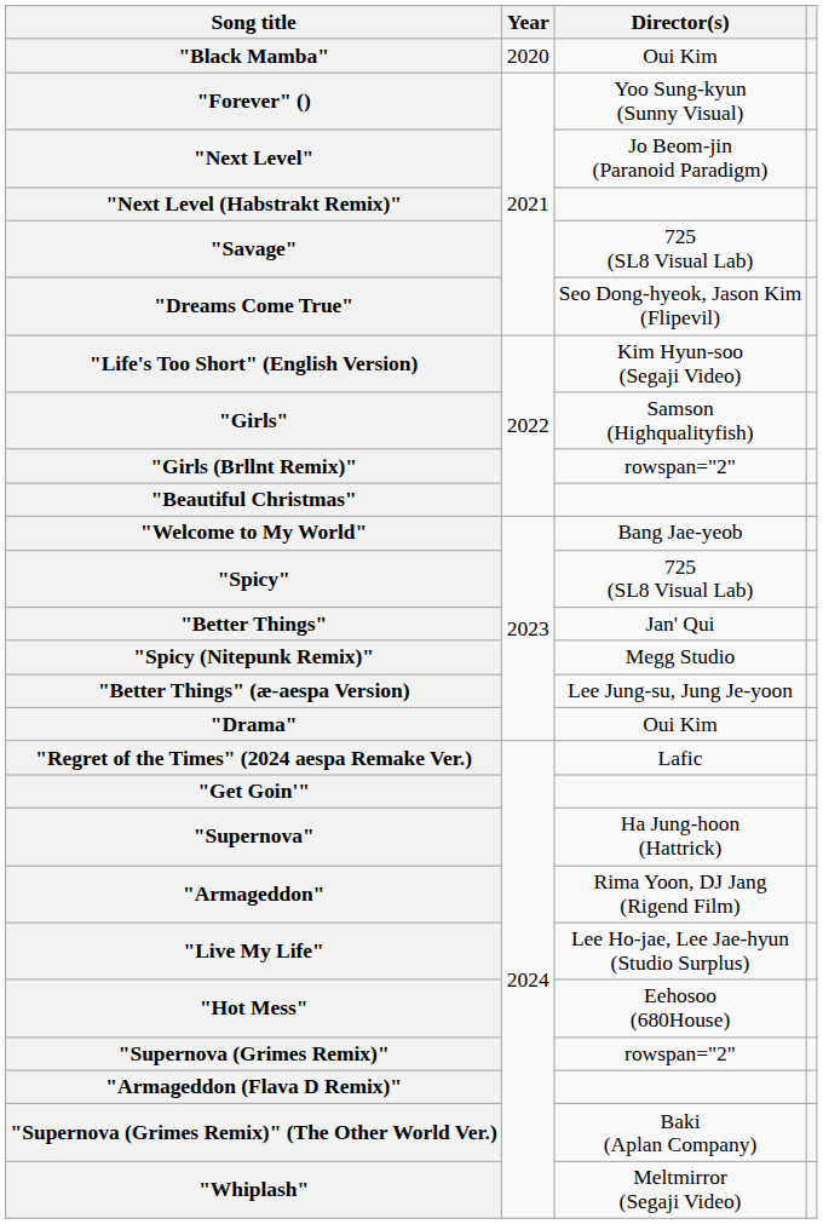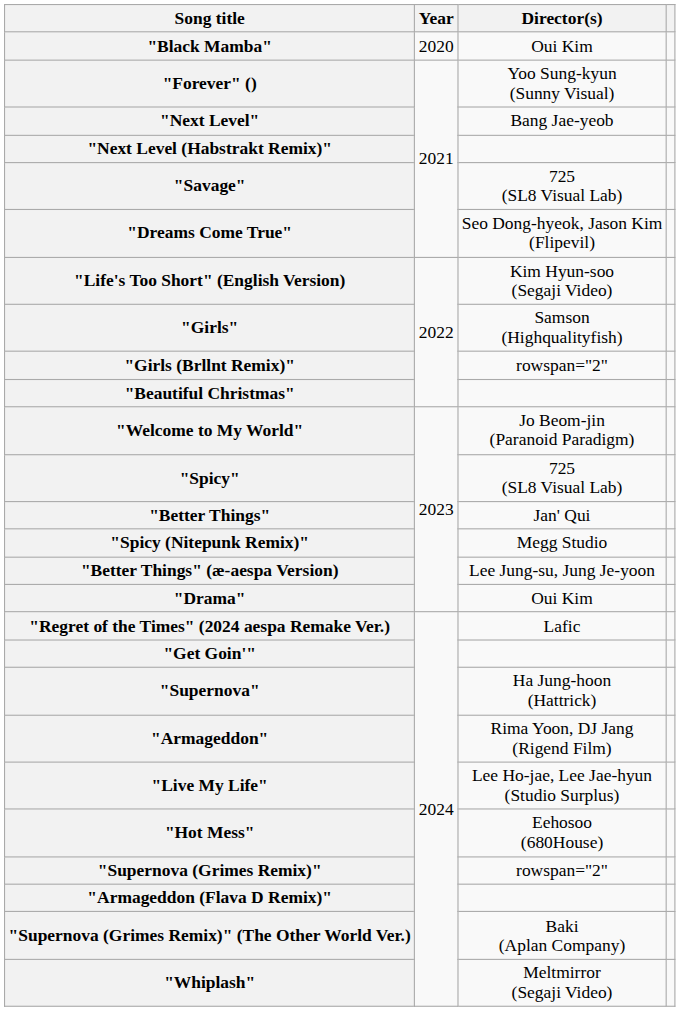 <table class="wikitable plainrowheaders" style="text-align:center">
 <tr>
 <th scope="col">Song title</th>
 <th scope="col">Year</th>
 <th scope="col">Director(s)</th>
 <th scope="col"></th>
 </tr>
 <tr>
 <th scope="row">"Black Mamba"</th>
 <td>2020</td>
 <td>Oui Kim</td>
 <td></td>
 </tr>
 <tr>
 <th scope="row">"Forever" ()</th>
 <td rowspan="5">2021</td>
 <td>Yoo Sung-kyun<br>(Sunny Visual)</td>
 <td></td>
 </tr>
 <tr>
 <th scope="row">"Next Level"</th>
-<td>Jo Beom-jin<br>(Paranoid Paradigm)</td>
+<td>Bang Jae-yeob</td>
 <td></td>
 </tr>
 <tr>
 <th scope="row">"Next Level (Habstrakt Remix)"</th>
 <td></td>
 <td></td>
 </tr>
 <tr>
 <th scope="row">"Savage"</th>
 <td>725<br>(SL8 Visual Lab)</td>
 <td></td>
 </tr>
 <tr>
 <th scope="row">"Dreams Come True"</th>
 <td>Seo Dong-hyeok, Jason Kim<br>(Flipevil)</td>
 <td></td>
 </tr>
 <tr>
 <th scope="row">"Life's Too Short" (English Version)</th>
 <td rowspan="4">2022</td>
 <td>Kim Hyun-soo<br>(Segaji Video)</td>
 <td></td>
 </tr>
 <tr>
 <th scope="row">"Girls"</th>
 <td>Samson<br>(Highqualityfish)</td>
 <td></td>
 </tr>
 <tr>
 <th scope="row">"Girls (Brllnt Remix)"</th>
 <td>rowspan="2" </td>
 <td></td>
 </tr>
 <tr>
 <th scope="row">"Beautiful Christmas"<br></th>
 <td></td>
 </tr>
 <tr>
 <th scope="row">"Welcome to My World"</th>
 <td rowspan="6">2023</td>
-<td>Bang Jae-yeob</td>
+<td>Jo Beom-jin<br>(Paranoid Paradigm)</td>
 <td></td>
 </tr>
 <tr>
 <th scope="row">"Spicy"</th>
 <td>725<br>(SL8 Visual Lab)</td>
 <td></td>
 </tr>
 <tr>
 <th scope="row">"Better Things"</th>
 <td>Jan' Qui</td>
 <td></td>
 </tr>
 <tr>
 <th scope="row">"Spicy (Nitepunk Remix)"</th>
 <td>Megg Studio</td>
 <td></td>
 </tr>
 <tr>
 <th scope="row">"Better Things" (æ-aespa Version)</th>
 <td>Lee Jung-su, Jung Je-yoon</td>
 <td></td>
 </tr>
 <tr>
 <th scope="row">"Drama"</th>
 <td>Oui Kim</td>
 <td></td>
 </tr>
 <tr>
 <th scope="row">"Regret of the Times" (2024 aespa Remake Ver.)</th>
 <td rowspan="10">2024</td>
 <td>Lafic</td>
 <td></td>
 </tr>
 <tr>
 <th scope="row">"Get Goin'"<br></th>
 <td></td>
 <td></td>
 </tr>
 <tr>
 <th scope="row">"Supernova"</th>
 <td>Ha Jung-hoon<br>(Hattrick)</td>
 <td></td>
 </tr>
 <tr>
 <th scope="row">"Armageddon"</th>
 <td>Rima Yoon, DJ Jang<br>(Rigend Film)</td>
 <td></td>
 </tr>
 <tr>
 <th scope="row">"Live My Life"</th>
 <td>Lee Ho-jae, Lee Jae-hyun<br>(Studio Surplus)</td>
 <td></td>
 </tr>
 <tr>
 <th scope="row">"Hot Mess"</th>
 <td>Eehosoo<br>(680House)</td>
 <td></td>
 </tr>
 <tr>
 <th scope="row">"Supernova (Grimes Remix)"</th>
 <td>rowspan="2" </td>
 <td></td>
 </tr>
 <tr>
 <th scope="row">"Armageddon (Flava D Remix)"</th>
 <td></td>
 </tr>
 <tr>
 <th scope="row">"Supernova (Grimes Remix)" (The Other World Ver.)</th>
 <td>Baki<br>(Aplan Company)</td>
 <td></td>
 </tr>
 <tr>
 <th scope="row">"Whiplash"</th>
 <td>Meltmirror<br>(Segaji Video)</td>
 <td></td>
 </tr>
 </table>
